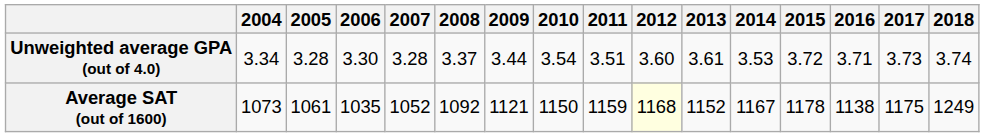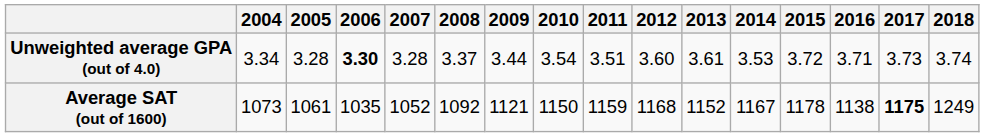 <table style="text-align:center; float:center; font-size:85%; margin-left:2em; margin:auto;"  class="wikitable">
 <tr>
 <th></th>
 <th>2004</th>
 <th>2005</th>
 <th>2006</th>
 <th>2007</th>
 <th>2008</th>
 <th>2009</th>
 <th>2010</th>
 <th>2011</th>
 <th>2012</th>
 <th>2013</th>
 <th>2014</th>
 <th>2015</th>
 <th>2016</th>
 <th>2017</th>
 <th>2018</th>
 </tr>
 <tr>
 <th>Unweighted average GPA<br><strong><small>(out of 4.0)</small></strong></th>
 <td>3.34</td>
 <td>3.28</td>
-<td>3.30</td>
+<td><strong>3.30</strong></td>
 <td>3.28</td>
 <td>3.37</td>
 <td>3.44</td>
 <td>3.54</td>
 <td>3.51</td>
 <td>3.60</td>
 <td>3.61</td>
 <td>3.53</td>
 <td>3.72</td>
 <td>3.71</td>
 <td>3.73</td>
 <td>3.74</td>
 </tr>
 <tr>
 <th>Average SAT<br><strong><small>(out of 1600)</small></strong></th>
 <td>1073</td>
 <td>1061</td>
 <td>1035</td>
 <td>1052</td>
 <td>1092</td>
 <td>1121</td>
 <td>1150</td>
 <td>1159</td>
-<td style="background: lightyellow;">1168</td>
+<td>1168</td>
 <td>1152</td>
 <td>1167</td>
 <td>1178</td>
 <td>1138</td>
-<td>1175</td>
+<td><strong>1175</strong></td>
 <td>1249</td>
 </tr>
 </table>
